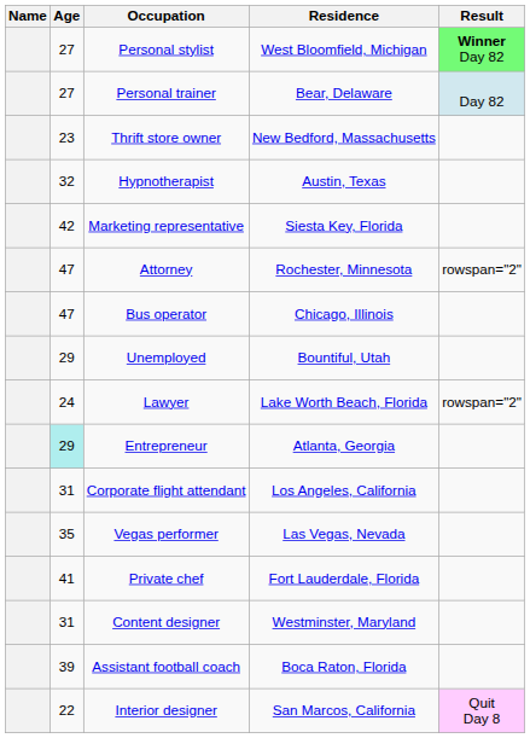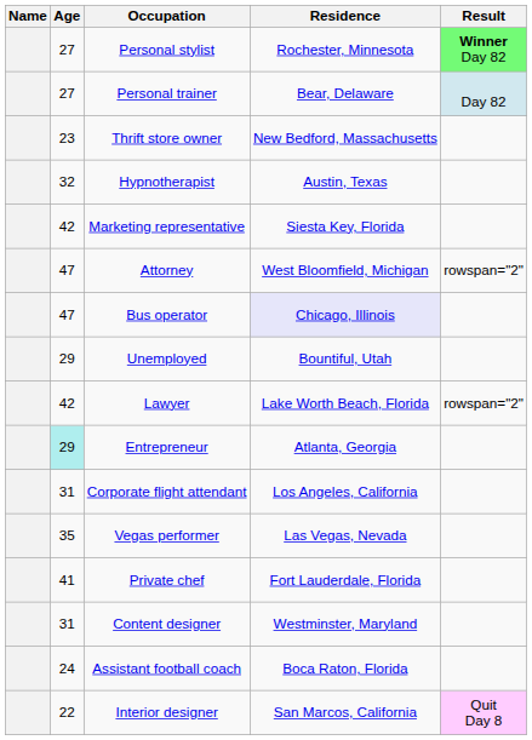 <table class="wikitable sortable" style="text-align:center;">
 <tr>
 <th scope="col">Name</th>
 <th scope="col">Age</th>
 <th scope="col" class="unsortable">Occupation</th>
 <th scope="col" class="unsortable">Residence</th>
 <th scope="col" class="unsortable">Result</th>
 </tr>
 <tr style="height:50px">
 <th scope="row"></th>
 <td>27</td>
 <td><a href='#'>Personal stylist</a></td>
-<td><a href='#'>West Bloomfield, Michigan</a></td>
+<td><a href='#'>Rochester, Minnesota</a></td>
 <td bgcolor="73FB76"><strong>Winner</strong><br>Day 82</td>
 </tr>
 <tr style="height:50px">
 <th scope="row"></th>
 <td>27</td>
 <td><a href='#'>Personal trainer</a></td>
 <td><a href='#'>Bear, Delaware</a></td>
 <td bgcolor="D1E8EF"><br>Day 82</td>
 </tr>
 <tr style="height:50px">
 <th scope="row"></th>
 <td>23</td>
 <td><a href='#'>Thrift store owner</a></td>
 <td><a href='#'>New Bedford, Massachusetts</a></td>
 <td></td>
 </tr>
 <tr style="height:50px">
 <th scope="row"></th>
 <td>32</td>
 <td><a href='#'>Hypnotherapist</a></td>
 <td><a href='#'>Austin, Texas</a></td>
 <td></td>
 </tr>
 <tr style="height:50px">
 <th scope="row"></th>
 <td>42</td>
 <td><a href='#'>Marketing representative</a></td>
 <td><a href='#'>Siesta Key, Florida</a></td>
 <td></td>
 </tr>
 <tr style="height:50px">
 <th scope="row"></th>
 <td>47</td>
 <td><a href='#'>Attorney</a></td>
-<td><a href='#'>Rochester, Minnesota</a></td>
+<td><a href='#'>West Bloomfield, Michigan</a></td>
 <td>rowspan="2" </td>
 </tr>
 <tr style="height:50px">
 <th scope="row"></th>
 <td>47</td>
 <td><a href='#'>Bus operator</a></td>
-<td><a href='#'>Chicago, Illinois</a></td>
+<td style="background: lavender;"><a href='#'>Chicago, Illinois</a></td>
 </tr>
 <tr style="height:50px">
 <th scope="row"></th>
 <td>29</td>
 <td><a href='#'>Unemployed</a></td>
 <td><a href='#'>Bountiful, Utah</a></td>
 <td></td>
 </tr>
 <tr style="height:50px">
 <th scope="row"></th>
-<td>24</td>
+<td>42</td>
 <td><a href='#'>Lawyer</a></td>
 <td><a href='#'>Lake Worth Beach, Florida</a></td>
 <td>rowspan="2" </td>
 </tr>
 <tr style="height:50px">
 <th scope="row"></th>
 <td style="background: paleturquoise;">29</td>
 <td><a href='#'>Entrepreneur</a></td>
 <td><a href='#'>Atlanta, Georgia</a></td>
 </tr>
 <tr style="height:50px">
 <th scope="row"></th>
 <td>31</td>
 <td><a href='#'>Corporate flight attendant</a></td>
 <td><a href='#'>Los Angeles, California</a></td>
 <td></td>
 </tr>
 <tr style="height:50px">
 <th scope="row"></th>
 <td>35</td>
 <td><a href='#'>Vegas performer</a></td>
 <td><a href='#'>Las Vegas, Nevada</a></td>
 <td></td>
 </tr>
 <tr style="height:50px">
 <th scope="row"></th>
 <td>41</td>
 <td><a href='#'>Private chef</a></td>
 <td><a href='#'>Fort Lauderdale, Florida</a></td>
 <td></td>
 </tr>
 <tr style="height:50px">
 <th scope="row"></th>
 <td>31</td>
 <td><a href='#'>Content designer</a></td>
 <td><a href='#'>Westminster, Maryland</a></td>
 <td></td>
 </tr>
 <tr style="height:50px">
 <th scope="row"></th>
-<td>39</td>
+<td>24</td>
 <td><a href='#'>Assistant football coach</a></td>
 <td><a href='#'>Boca Raton, Florida</a></td>
 <td></td>
 </tr>
 <tr style="height:50px">
 <th scope="row"></th>
 <td>22</td>
 <td><a href='#'>Interior designer</a></td>
 <td><a href='#'>San Marcos, California</a></td>
 <td bgcolor="#fcf">Quit<br>Day 8</td>
 </tr>
 </table>
